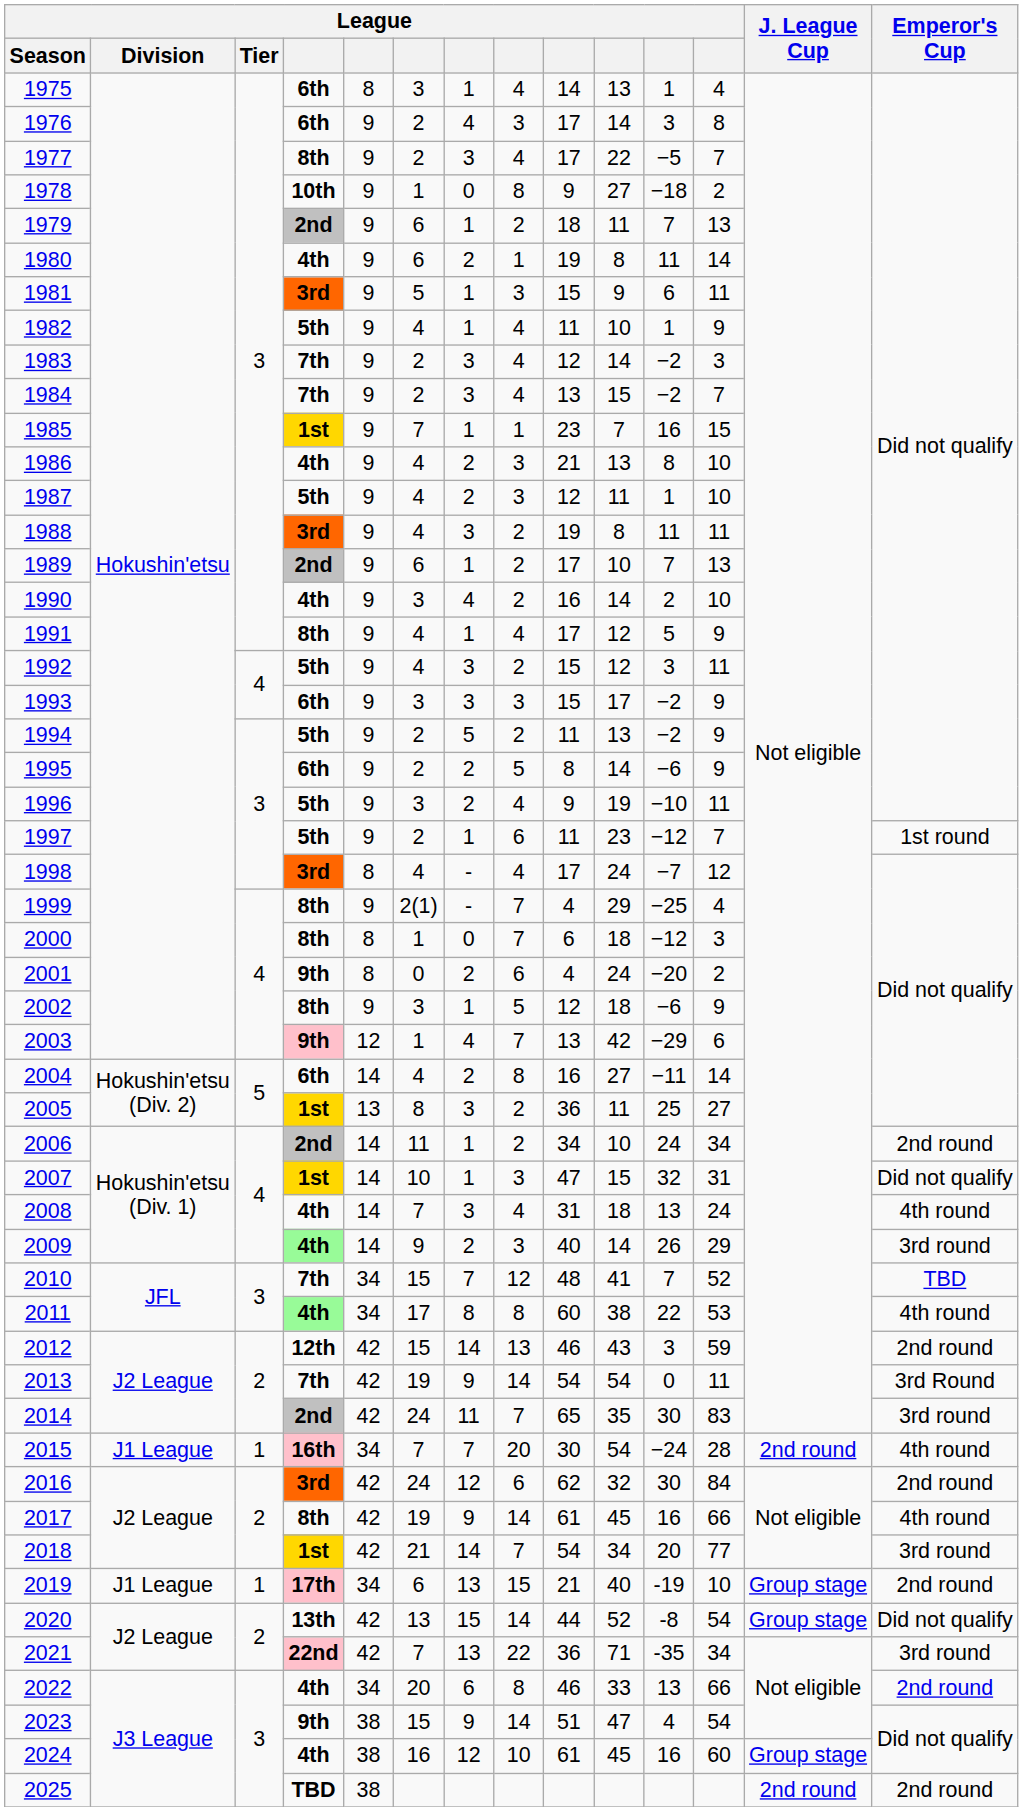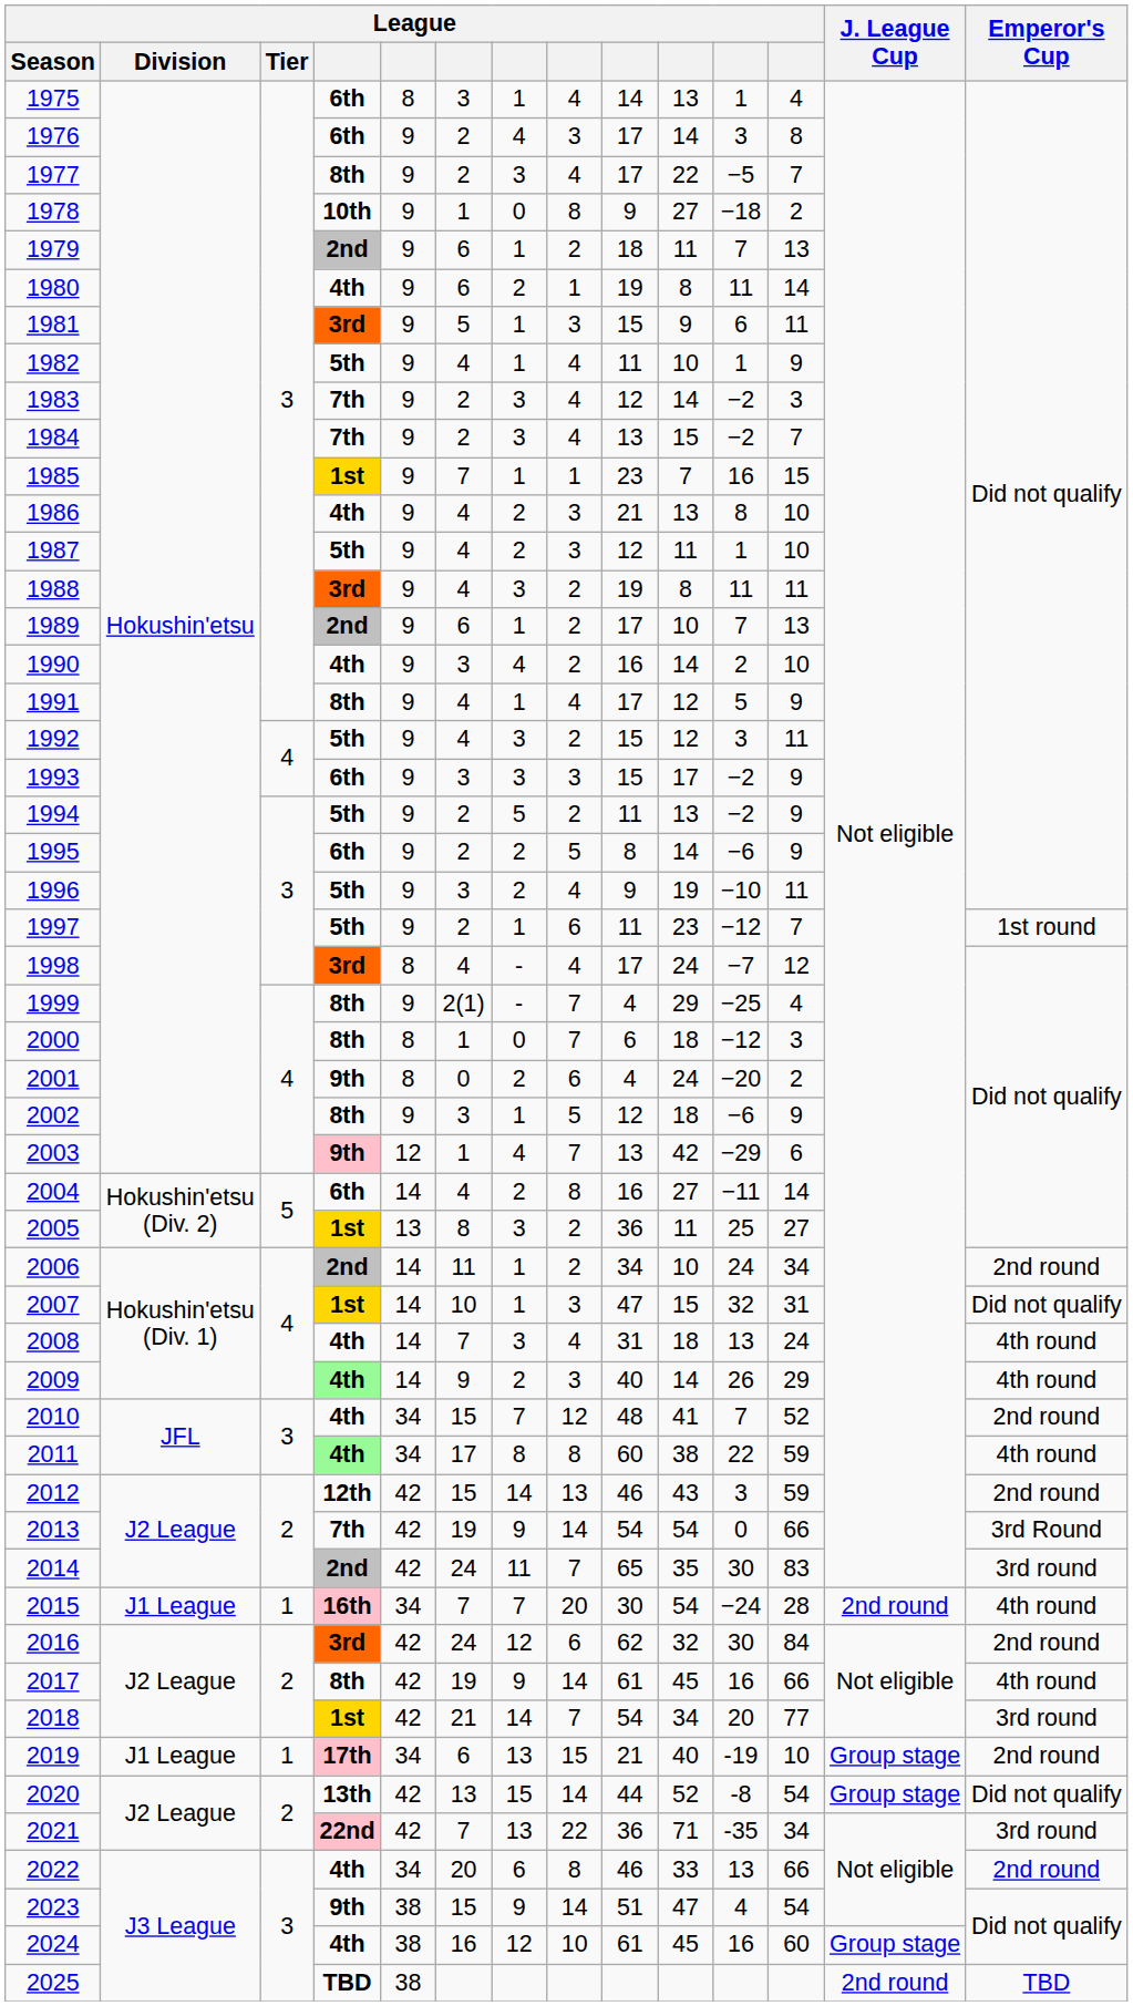 <table class="wikitable" style="text-align:center">
 <tr>
 <th colspan="12">League</th>
 <th rowspan="2"><a href='#'>J. League<br>Cup</a></th>
 <th rowspan="2"><a href='#'>Emperor's<br>Cup</a></th>
 </tr>
 <tr>
 <th>Season</th>
 <th>Division</th>
 <th>Tier</th>
 <th width="30"></th>
 <th width="30"></th>
 <th width="30"></th>
 <th width="30"></th>
 <th width="30"></th>
 <th width="30"></th>
 <th width="30"></th>
 <th width="30"></th>
 <th width="30"></th>
 </tr>
 <tr>
 <td><a href='#'>1975</a></td>
 <td rowspan="29"><a href='#'>Hokushin'etsu</a></td>
 <td rowspan="17">3</td>
 <td><strong>6th</strong></td>
 <td>8</td>
 <td>3</td>
 <td>1</td>
 <td>4</td>
 <td>14</td>
 <td>13</td>
 <td>1</td>
 <td>4</td>
 <td rowspan="40">Not eligible</td>
 <td rowspan="22">Did not qualify</td>
 </tr>
 <tr>
 <td><a href='#'>1976</a></td>
 <td><strong>6th</strong></td>
 <td>9</td>
 <td>2</td>
 <td>4</td>
 <td>3</td>
 <td>17</td>
 <td>14</td>
 <td>3</td>
 <td>8</td>
 </tr>
 <tr>
 <td><a href='#'>1977</a></td>
 <td><strong>8th</strong></td>
 <td>9</td>
 <td>2</td>
 <td>3</td>
 <td>4</td>
 <td>17</td>
 <td>22</td>
 <td>−5</td>
 <td>7</td>
 </tr>
 <tr>
 <td><a href='#'>1978</a></td>
 <td><strong>10th</strong></td>
 <td>9</td>
 <td>1</td>
 <td>0</td>
 <td>8</td>
 <td>9</td>
 <td>27</td>
 <td>−18</td>
 <td>2</td>
 </tr>
 <tr>
 <td><a href='#'>1979</a></td>
 <td bgcolor="silver"><strong>2nd</strong></td>
 <td>9</td>
 <td>6</td>
 <td>1</td>
 <td>2</td>
 <td>18</td>
 <td>11</td>
 <td>7</td>
 <td>13</td>
 </tr>
 <tr>
 <td><a href='#'>1980</a></td>
 <td><strong>4th</strong></td>
 <td>9</td>
 <td>6</td>
 <td>2</td>
 <td>1</td>
 <td>19</td>
 <td>8</td>
 <td>11</td>
 <td>14</td>
 </tr>
 <tr>
 <td><a href='#'>1981</a></td>
 <td bgcolor=ff6600><strong>3rd</strong></td>
 <td>9</td>
 <td>5</td>
 <td>1</td>
 <td>3</td>
 <td>15</td>
 <td>9</td>
 <td>6</td>
 <td>11</td>
 </tr>
 <tr>
 <td><a href='#'>1982</a></td>
 <td><strong>5th</strong></td>
 <td>9</td>
 <td>4</td>
 <td>1</td>
 <td>4</td>
 <td>11</td>
 <td>10</td>
 <td>1</td>
 <td>9</td>
 </tr>
 <tr>
 <td><a href='#'>1983</a></td>
 <td><strong>7th</strong></td>
 <td>9</td>
 <td>2</td>
 <td>3</td>
 <td>4</td>
 <td>12</td>
 <td>14</td>
 <td>−2</td>
 <td>3</td>
 </tr>
 <tr>
 <td><a href='#'>1984</a></td>
 <td><strong>7th</strong></td>
 <td>9</td>
 <td>2</td>
 <td>3</td>
 <td>4</td>
 <td>13</td>
 <td>15</td>
 <td>−2</td>
 <td>7</td>
 </tr>
 <tr>
 <td><a href='#'>1985</a></td>
 <td bgcolor="gold"><strong>1st</strong></td>
 <td>9</td>
 <td>7</td>
 <td>1</td>
 <td>1</td>
 <td>23</td>
 <td>7</td>
 <td>16</td>
 <td>15</td>
 </tr>
 <tr>
 <td><a href='#'>1986</a></td>
 <td><strong>4th</strong></td>
 <td>9</td>
 <td>4</td>
 <td>2</td>
 <td>3</td>
 <td>21</td>
 <td>13</td>
 <td>8</td>
 <td>10</td>
 </tr>
 <tr>
 <td><a href='#'>1987</a></td>
 <td><strong>5th</strong></td>
 <td>9</td>
 <td>4</td>
 <td>2</td>
 <td>3</td>
 <td>12</td>
 <td>11</td>
 <td>1</td>
 <td>10</td>
 </tr>
 <tr>
 <td><a href='#'>1988</a></td>
 <td bgcolor=ff6600><strong>3rd</strong></td>
 <td>9</td>
 <td>4</td>
 <td>3</td>
 <td>2</td>
 <td>19</td>
 <td>8</td>
 <td>11</td>
 <td>11</td>
 </tr>
 <tr>
 <td><a href='#'>1989</a></td>
 <td bgcolor="silver"><strong>2nd</strong></td>
 <td>9</td>
 <td>6</td>
 <td>1</td>
 <td>2</td>
 <td>17</td>
 <td>10</td>
 <td>7</td>
 <td>13</td>
 </tr>
 <tr>
 <td><a href='#'>1990</a></td>
 <td><strong>4th</strong></td>
 <td>9</td>
 <td>3</td>
 <td>4</td>
 <td>2</td>
 <td>16</td>
 <td>14</td>
 <td>2</td>
 <td>10</td>
 </tr>
 <tr>
 <td><a href='#'>1991</a></td>
 <td><strong>8th</strong></td>
 <td>9</td>
 <td>4</td>
 <td>1</td>
 <td>4</td>
 <td>17</td>
 <td>12</td>
 <td>5</td>
 <td>9</td>
 </tr>
 <tr>
 <td><a href='#'>1992</a></td>
 <td rowspan="2">4</td>
 <td><strong>5th</strong></td>
 <td>9</td>
 <td>4</td>
 <td>3</td>
 <td>2</td>
 <td>15</td>
 <td>12</td>
 <td>3</td>
 <td>11</td>
 </tr>
 <tr>
 <td><a href='#'>1993</a></td>
 <td><strong>6th</strong></td>
 <td>9</td>
 <td>3</td>
 <td>3</td>
 <td>3</td>
 <td>15</td>
 <td>17</td>
 <td>−2</td>
 <td>9</td>
 </tr>
 <tr>
 <td><a href='#'>1994</a></td>
 <td rowspan="5">3</td>
 <td><strong>5th</strong></td>
 <td>9</td>
 <td>2</td>
 <td>5</td>
 <td>2</td>
 <td>11</td>
 <td>13</td>
 <td>−2</td>
 <td>9</td>
 </tr>
 <tr>
 <td><a href='#'>1995</a></td>
 <td><strong>6th</strong></td>
 <td>9</td>
 <td>2</td>
 <td>2</td>
 <td>5</td>
 <td>8</td>
 <td>14</td>
 <td>−6</td>
 <td>9</td>
 </tr>
 <tr>
 <td><a href='#'>1996</a></td>
 <td><strong>5th</strong></td>
 <td>9</td>
 <td>3</td>
 <td>2</td>
 <td>4</td>
 <td>9</td>
 <td>19</td>
 <td>−10</td>
 <td>11</td>
 </tr>
 <tr>
 <td><a href='#'>1997</a></td>
 <td><strong>5th</strong></td>
 <td>9</td>
 <td>2</td>
 <td>1</td>
 <td>6</td>
 <td>11</td>
 <td>23</td>
 <td>−12</td>
 <td>7</td>
 <td>1st round</td>
 </tr>
 <tr>
 <td><a href='#'>1998</a></td>
 <td bgcolor=ff6600><strong>3rd</strong></td>
 <td>8</td>
 <td>4</td>
 <td>-</td>
 <td>4</td>
 <td>17</td>
 <td>24</td>
 <td>−7</td>
 <td>12</td>
 <td rowspan="8">Did not qualify</td>
 </tr>
 <tr>
 <td><a href='#'>1999</a></td>
 <td rowspan="5">4</td>
 <td><strong>8th</strong></td>
 <td>9</td>
 <td>2(1)</td>
 <td>-</td>
 <td>7</td>
 <td>4</td>
 <td>29</td>
 <td>−25</td>
 <td>4</td>
 </tr>
 <tr>
 <td><a href='#'>2000</a></td>
 <td><strong>8th</strong></td>
 <td>8</td>
 <td>1</td>
 <td>0</td>
 <td>7</td>
 <td>6</td>
 <td>18</td>
 <td>−12</td>
 <td>3</td>
 </tr>
 <tr>
 <td><a href='#'>2001</a></td>
 <td><strong>9th</strong></td>
 <td>8</td>
 <td>0</td>
 <td>2</td>
 <td>6</td>
 <td>4</td>
 <td>24</td>
 <td>−20</td>
 <td>2</td>
 </tr>
 <tr>
 <td><a href='#'>2002</a></td>
 <td><strong>8th</strong></td>
 <td>9</td>
 <td>3</td>
 <td>1</td>
 <td>5</td>
 <td>12</td>
 <td>18</td>
 <td>−6</td>
 <td>9</td>
 </tr>
 <tr>
 <td><a href='#'>2003</a></td>
 <td bgcolor=pink><strong>9th</strong></td>
 <td>12</td>
 <td>1</td>
 <td>4</td>
 <td>7</td>
 <td>13</td>
 <td>42</td>
 <td>−29</td>
 <td>6</td>
 </tr>
 <tr>
 <td><a href='#'>2004</a></td>
 <td rowspan="2">Hokushin'etsu<br>(Div. 2)</td>
 <td rowspan="2">5</td>
 <td><strong>6th</strong></td>
 <td>14</td>
 <td>4</td>
 <td>2</td>
 <td>8</td>
 <td>16</td>
 <td>27</td>
 <td>−11</td>
 <td>14</td>
 </tr>
 <tr>
 <td><a href='#'>2005</a></td>
 <td bgcolor="gold"><strong>1st</strong></td>
 <td>13</td>
 <td>8</td>
 <td>3</td>
 <td>2</td>
 <td>36</td>
 <td>11</td>
 <td>25</td>
 <td>27</td>
 </tr>
 <tr>
 <td><a href='#'>2006</a></td>
 <td rowspan="4">Hokushin'etsu<br>(Div.          1)</td>
 <td rowspan="4">4</td>
 <td bgcolor="silver"><strong>2nd</strong></td>
 <td>14</td>
 <td>11</td>
 <td>1</td>
 <td>2</td>
 <td>34</td>
 <td>10</td>
 <td>24</td>
 <td>34</td>
 <td>2nd round</td>
 </tr>
 <tr>
 <td><a href='#'>2007</a></td>
 <td bgcolor="gold"><strong>1st</strong></td>
 <td>14</td>
 <td>10</td>
 <td>1</td>
 <td>3</td>
 <td>47</td>
 <td>15</td>
 <td>32</td>
 <td>31</td>
 <td>Did not qualify</td>
 </tr>
 <tr>
 <td><a href='#'>2008</a></td>
 <td><strong>4th</strong></td>
 <td>14</td>
 <td>7</td>
 <td>3</td>
 <td>4</td>
 <td>31</td>
 <td>18</td>
 <td>13</td>
 <td>24</td>
 <td>4th round</td>
 </tr>
 <tr>
 <td><a href='#'>2009</a></td>
 <td bgcolor=palegreen><strong>4th</strong></td>
 <td>14</td>
 <td>9</td>
 <td>2</td>
 <td>3</td>
 <td>40</td>
 <td>14</td>
 <td>26</td>
 <td>29</td>
-<td>3rd round</td>
+<td>4th round</td>
 </tr>
 <tr>
 <td><a href='#'>2010</a></td>
 <td rowspan="2"><a href='#'>JFL</a></td>
 <td rowspan="2">3</td>
-<td><strong>7th</strong></td>
+<td><strong>4th</strong></td>
 <td>34</td>
 <td>15</td>
 <td>7</td>
 <td>12</td>
 <td>48</td>
 <td>41</td>
 <td>7</td>
 <td>52</td>
-<td><a href='#'>TBD</a></td>
+<td>2nd round</td>
 </tr>
 <tr>
 <td><a href='#'>2011</a></td>
 <td bgcolor=palegreen><strong>4th</strong></td>
 <td>34</td>
 <td>17</td>
 <td>8</td>
 <td>8</td>
 <td>60</td>
 <td>38</td>
 <td>22</td>
-<td>53</td>
+<td>59</td>
 <td>4th round</td>
 </tr>
 <tr>
 <td><a href='#'>2012</a></td>
 <td rowspan="3"><a href='#'>J2 League</a></td>
 <td rowspan="3">2</td>
 <td><strong>12th</strong></td>
 <td>42</td>
 <td>15</td>
 <td>14</td>
 <td>13</td>
 <td>46</td>
 <td>43</td>
 <td>3</td>
 <td>59</td>
 <td>2nd round</td>
 </tr>
 <tr>
 <td><a href='#'>2013</a></td>
 <td><strong>7th</strong></td>
 <td>42</td>
 <td>19</td>
 <td>9</td>
 <td>14</td>
 <td>54</td>
 <td>54</td>
 <td>0</td>
-<td>11</td>
+<td>66</td>
 <td>3rd Round</td>
 </tr>
 <tr>
 <td><a href='#'>2014</a></td>
 <td bgcolor="silver"><strong>2nd</strong></td>
 <td>42</td>
 <td>24</td>
 <td>11</td>
 <td>7</td>
 <td>65</td>
 <td>35</td>
 <td>30</td>
 <td>83</td>
 <td>3rd round</td>
 </tr>
 <tr>
 <td><a href='#'>2015</a></td>
 <td><a href='#'>J1 League</a></td>
 <td>1</td>
 <td bgcolor=pink><strong>16th</strong></td>
 <td>34</td>
 <td>7</td>
 <td>7</td>
 <td>20</td>
 <td>30</td>
 <td>54</td>
 <td>−24</td>
 <td>28</td>
 <td><a href='#'>2nd round</a></td>
 <td>4th round</td>
 </tr>
 <tr>
 <td><a href='#'>2016</a></td>
 <td rowspan="3">J2 League</td>
 <td rowspan="3">2</td>
 <td bgcolor=ff6600><strong>3rd</strong></td>
 <td>42</td>
 <td>24</td>
 <td>12</td>
 <td>6</td>
 <td>62</td>
 <td>32</td>
 <td>30</td>
 <td>84</td>
 <td rowspan="3">Not eligible</td>
 <td>2nd round</td>
 </tr>
 <tr>
 <td><a href='#'>2017</a></td>
 <td><strong>8th</strong></td>
 <td>42</td>
 <td>19</td>
 <td>9</td>
 <td>14</td>
 <td>61</td>
 <td>45</td>
 <td>16</td>
 <td>66</td>
 <td>4th round</td>
 </tr>
 <tr>
 <td><a href='#'>2018</a></td>
 <td bgcolor="gold"><strong>1st</strong></td>
 <td>42</td>
 <td>21</td>
 <td>14</td>
 <td>7</td>
 <td>54</td>
 <td>34</td>
 <td>20</td>
 <td>77</td>
 <td>3rd round</td>
 </tr>
 <tr>
 <td><a href='#'>2019</a></td>
 <td>J1 League</td>
 <td>1</td>
 <td bgcolor="pink"><strong>17th</strong></td>
 <td>34</td>
 <td>6</td>
 <td>13</td>
 <td>15</td>
 <td>21</td>
 <td>40</td>
 <td>-19</td>
 <td>10</td>
 <td><a href='#'>Group stage</a></td>
 <td>2nd round</td>
 </tr>
 <tr>
 <td><a href='#'>2020</a></td>
 <td rowspan="2">J2 League</td>
 <td rowspan="2">2</td>
 <td><strong>13th</strong></td>
 <td>42</td>
 <td>13</td>
 <td>15</td>
 <td>14</td>
 <td>44</td>
 <td>52</td>
 <td>-8</td>
 <td>54</td>
 <td><a href='#'>Group stage</a></td>
 <td>Did not qualify</td>
 </tr>
 <tr>
 <td><a href='#'>2021</a></td>
 <td bgcolor=pink><strong>22nd</strong></td>
 <td>42</td>
 <td>7</td>
 <td>13</td>
 <td>22</td>
 <td>36</td>
 <td>71</td>
 <td>-35</td>
 <td>34</td>
 <td rowspan="3">Not eligible</td>
 <td>3rd round</td>
 </tr>
 <tr>
 <td><a href='#'>2022</a></td>
 <td rowspan="4"><a href='#'>J3 League</a></td>
 <td rowspan="4">3</td>
 <td><strong>4th</strong></td>
 <td>34</td>
 <td>20</td>
 <td>6</td>
 <td>8</td>
 <td>46</td>
 <td>33</td>
 <td>13</td>
 <td>66</td>
 <td><a href='#'>2nd round</a></td>
 </tr>
 <tr>
 <td><a href='#'>2023</a></td>
 <td><strong>9th</strong></td>
 <td>38</td>
 <td>15</td>
 <td>9</td>
 <td>14</td>
 <td>51</td>
 <td>47</td>
 <td>4</td>
 <td>54</td>
 <td rowspan="2">Did not qualify</td>
 </tr>
 <tr>
 <td><a href='#'>2024</a></td>
 <td><strong>4th</strong></td>
 <td>38</td>
 <td>16</td>
 <td>12</td>
 <td>10</td>
 <td>61</td>
 <td>45</td>
 <td>16</td>
 <td>60</td>
 <td><a href='#'>Group stage</a></td>
 </tr>
 <tr>
 <td><a href='#'>2025</a></td>
 <td><strong>TBD</strong></td>
 <td>38</td>
 <td></td>
 <td></td>
 <td></td>
 <td></td>
 <td></td>
 <td></td>
 <td></td>
 <td><a href='#'>2nd round</a></td>
-<td>2nd round</td>
+<td><a href='#'>TBD</a></td>
 </tr>
 </table>
